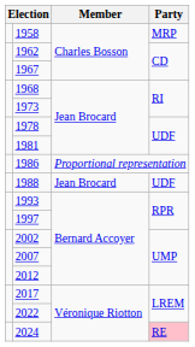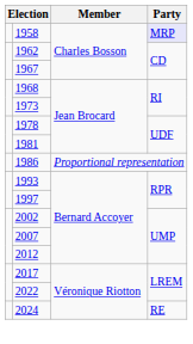 <table class="wikitable">
 <tr>
 <th colspan="2">Election</th>
 <th>Member</th>
 <th>Party</th>
 </tr>
 <tr>
 <td style="color:inherit;background:"></td>
 <td><a href='#'>1958</a></td>
 <td rowspan="3"><a href='#'>Charles Bosson</a></td>
-<td><a href='#'>MRP</a></td>
+<td style="background: lavender;"><a href='#'>MRP</a></td>
 </tr>
 <tr>
 <td rowspan="2" style="color:inherit;background:"></td>
 <td><a href='#'>1962</a></td>
 <td rowspan="2"><a href='#'>CD</a></td>
 </tr>
 <tr>
 <td><a href='#'>1967</a></td>
 </tr>
 <tr>
 <td rowspan="2" style="color:inherit;background:"></td>
 <td><a href='#'>1968</a></td>
 <td rowspan="4"><a href='#'>Jean Brocard</a></td>
 <td rowspan="2"><a href='#'>RI</a></td>
 </tr>
 <tr>
 <td><a href='#'>1973</a></td>
 </tr>
 <tr>
 <td rowspan="2" style="color:inherit;background:"></td>
 <td><a href='#'>1978</a></td>
 <td rowspan="2"><a href='#'>UDF</a></td>
 </tr>
 <tr>
 <td><a href='#'>1981</a></td>
 </tr>
 <tr>
 <td></td>
 <td><a href='#'>1986</a></td>
 <td colspan="2"><em><a href='#'>Proportional representation</a></em></td>
-</tr>
-<tr>
-<td style="color:inherit;background:"></td>
-<td><a href='#'>1988</a></td>
-<td><a href='#'>Jean Brocard</a></td>
-<td><a href='#'>UDF</a></td>
 </tr>
 <tr>
 <td rowspan="2" style="color:inherit;background:"></td>
 <td><a href='#'>1993</a></td>
 <td rowspan="5"><a href='#'>Bernard Accoyer</a></td>
 <td rowspan="2"><a href='#'>RPR</a></td>
 </tr>
 <tr>
 <td><a href='#'>1997</a></td>
 </tr>
 <tr>
 <td rowspan="3" style="color:inherit;background:"></td>
 <td><a href='#'>2002</a></td>
 <td rowspan="3"><a href='#'>UMP</a></td>
 </tr>
 <tr>
 <td><a href='#'>2007</a></td>
 </tr>
 <tr>
 <td><a href='#'>2012</a></td>
 </tr>
 <tr>
 <td rowspan="2" style="color:inherit;background:"></td>
 <td><a href='#'>2017</a></td>
 <td rowspan="3"><a href='#'>Véronique Riotton</a></td>
 <td rowspan="2"><a href='#'>LREM</a></td>
 </tr>
 <tr>
 <td><a href='#'>2022</a></td>
 </tr>
 <tr>
 <td style="color:inherit;background:"></td>
 <td><a href='#'>2024</a></td>
-<td style="background: pink;"><a href='#'>RE</a></td>
+<td><a href='#'>RE</a></td>
 </tr>
 </table>
